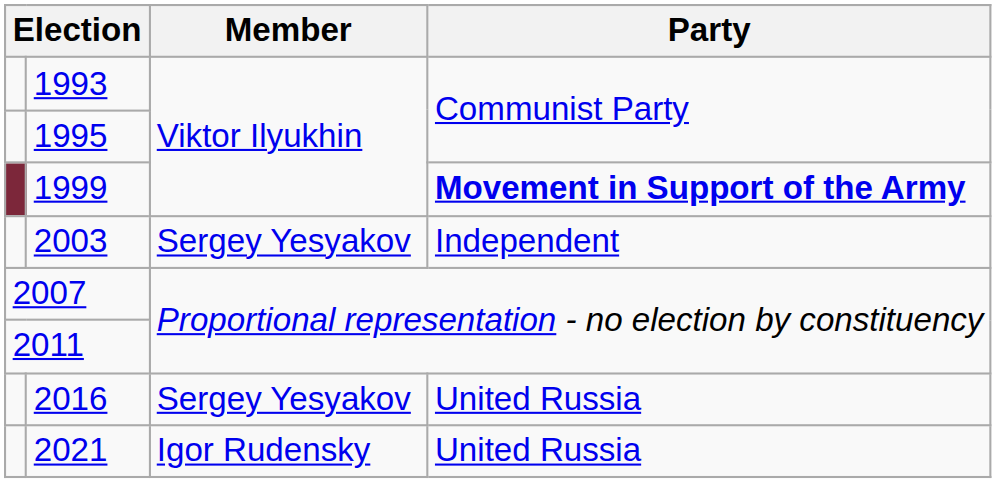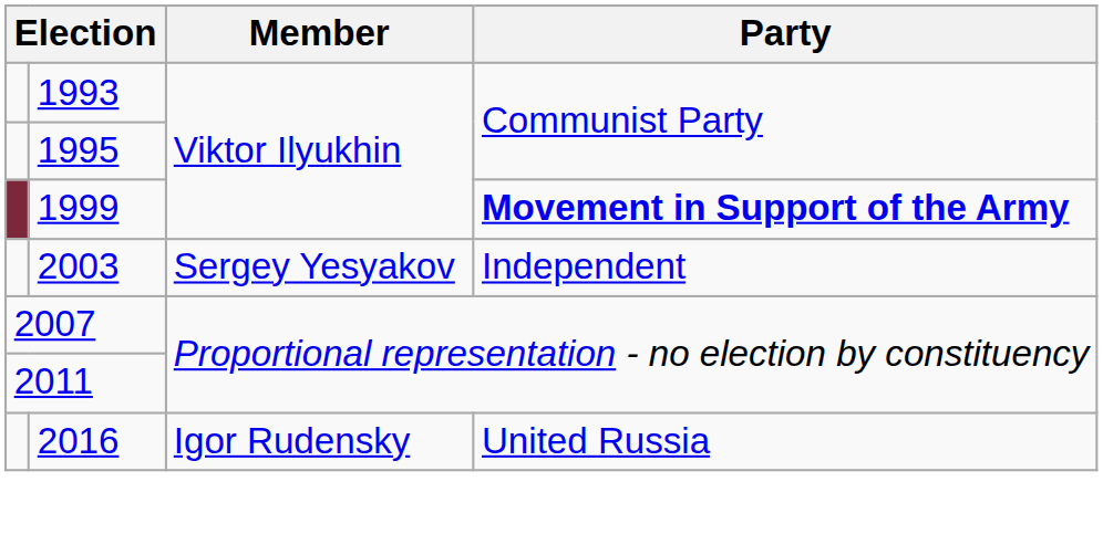 <table class="wikitable">
 <tr>
 <th colspan="2">Election</th>
 <th>Member</th>
 <th>Party</th>
 </tr>
 <tr>
 <td style="background-color:"></td>
 <td><a href='#'>1993</a></td>
 <td rowspan=3><a href='#'>Viktor Ilyukhin</a></td>
 <td rowspan=2><a href='#'>Communist Party</a></td>
 </tr>
 <tr>
 <td style="background-color:"></td>
 <td><a href='#'>1995</a></td>
 </tr>
 <tr>
 <td style="background-color:#7C273A"></td>
 <td><a href='#'>1999</a></td>
 <td><strong><a href='#'>Movement in Support of the Army</a></strong></td>
 </tr>
 <tr>
 <td style="background-color:"></td>
 <td><a href='#'>2003</a></td>
 <td><a href='#'>Sergey Yesyakov</a></td>
 <td><a href='#'>Independent</a></td>
 </tr>
 <tr>
 <td colspan=2><a href='#'>2007</a></td>
 <td colspan=2 rowspan=2><em><a href='#'>Proportional representation</a> - no election by constituency</em></td>
 </tr>
 <tr>
 <td colspan=2><a href='#'>2011</a></td>
 </tr>
 <tr>
 <td style="background-color: "></td>
 <td><a href='#'>2016</a></td>
-<td><a href='#'>Sergey Yesyakov</a></td>
-<td><a href='#'>United Russia</a></td>
-</tr>
-<tr>
-<td style="background-color: "></td>
-<td><a href='#'>2021</a></td>
 <td><a href='#'>Igor Rudensky</a></td>
 <td><a href='#'>United Russia</a></td>
 </tr>
 </table>
